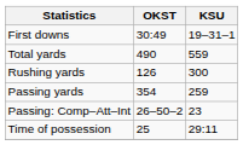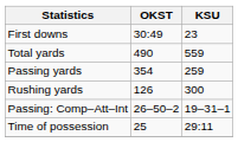 <table class="wikitable" style="float: left;">
 <tr>
 <th>Statistics</th>
 <th>OKST</th>
 <th>KSU</th>
 </tr>
 <tr>
 <td>First downs</td>
 <td>30:49</td>
-<td>19–31–1</td>
+<td>23</td>
 </tr>
 <tr>
 <td>Total yards</td>
 <td>490</td>
 <td>559</td>
 </tr>
 <tr>
+<td>Passing yards</td>
+<td>354</td>
+<td>259</td>
+</tr>
+<tr>
 <td>Rushing yards</td>
 <td>126</td>
 <td>300</td>
 </tr>
 <tr>
-<td>Passing yards</td>
-<td>354</td>
-<td>259</td>
-</tr>
-<tr>
 <td>Passing: Comp–Att–Int</td>
 <td>26–50–2</td>
-<td>23</td>
+<td>19–31–1</td>
 </tr>
 <tr>
 <td>Time of possession</td>
 <td>25</td>
 <td>29:11</td>
 </tr>
 <tr>
 </tr>
 </table>
